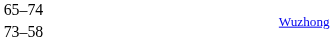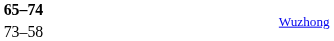 <table style="text-align:center">
 <tr>
 <th width=200></th>
 <th width=100></th>
 <th width=200></th>
 <th></th>
 </tr>
 <tr>
 <td align=right></td>
-<td>65–74</td>
+<td><strong>65–74</strong></td>
 <td align=left><strong></strong></td>
 <td align=left rowspan=2><small><a href='#'>Wuzhong</a></small></td>
 </tr>
 <tr>
 <td align=right><strong></strong></td>
 <td>73–58</td>
 <td align=left></td>
 </tr>
 </table>
